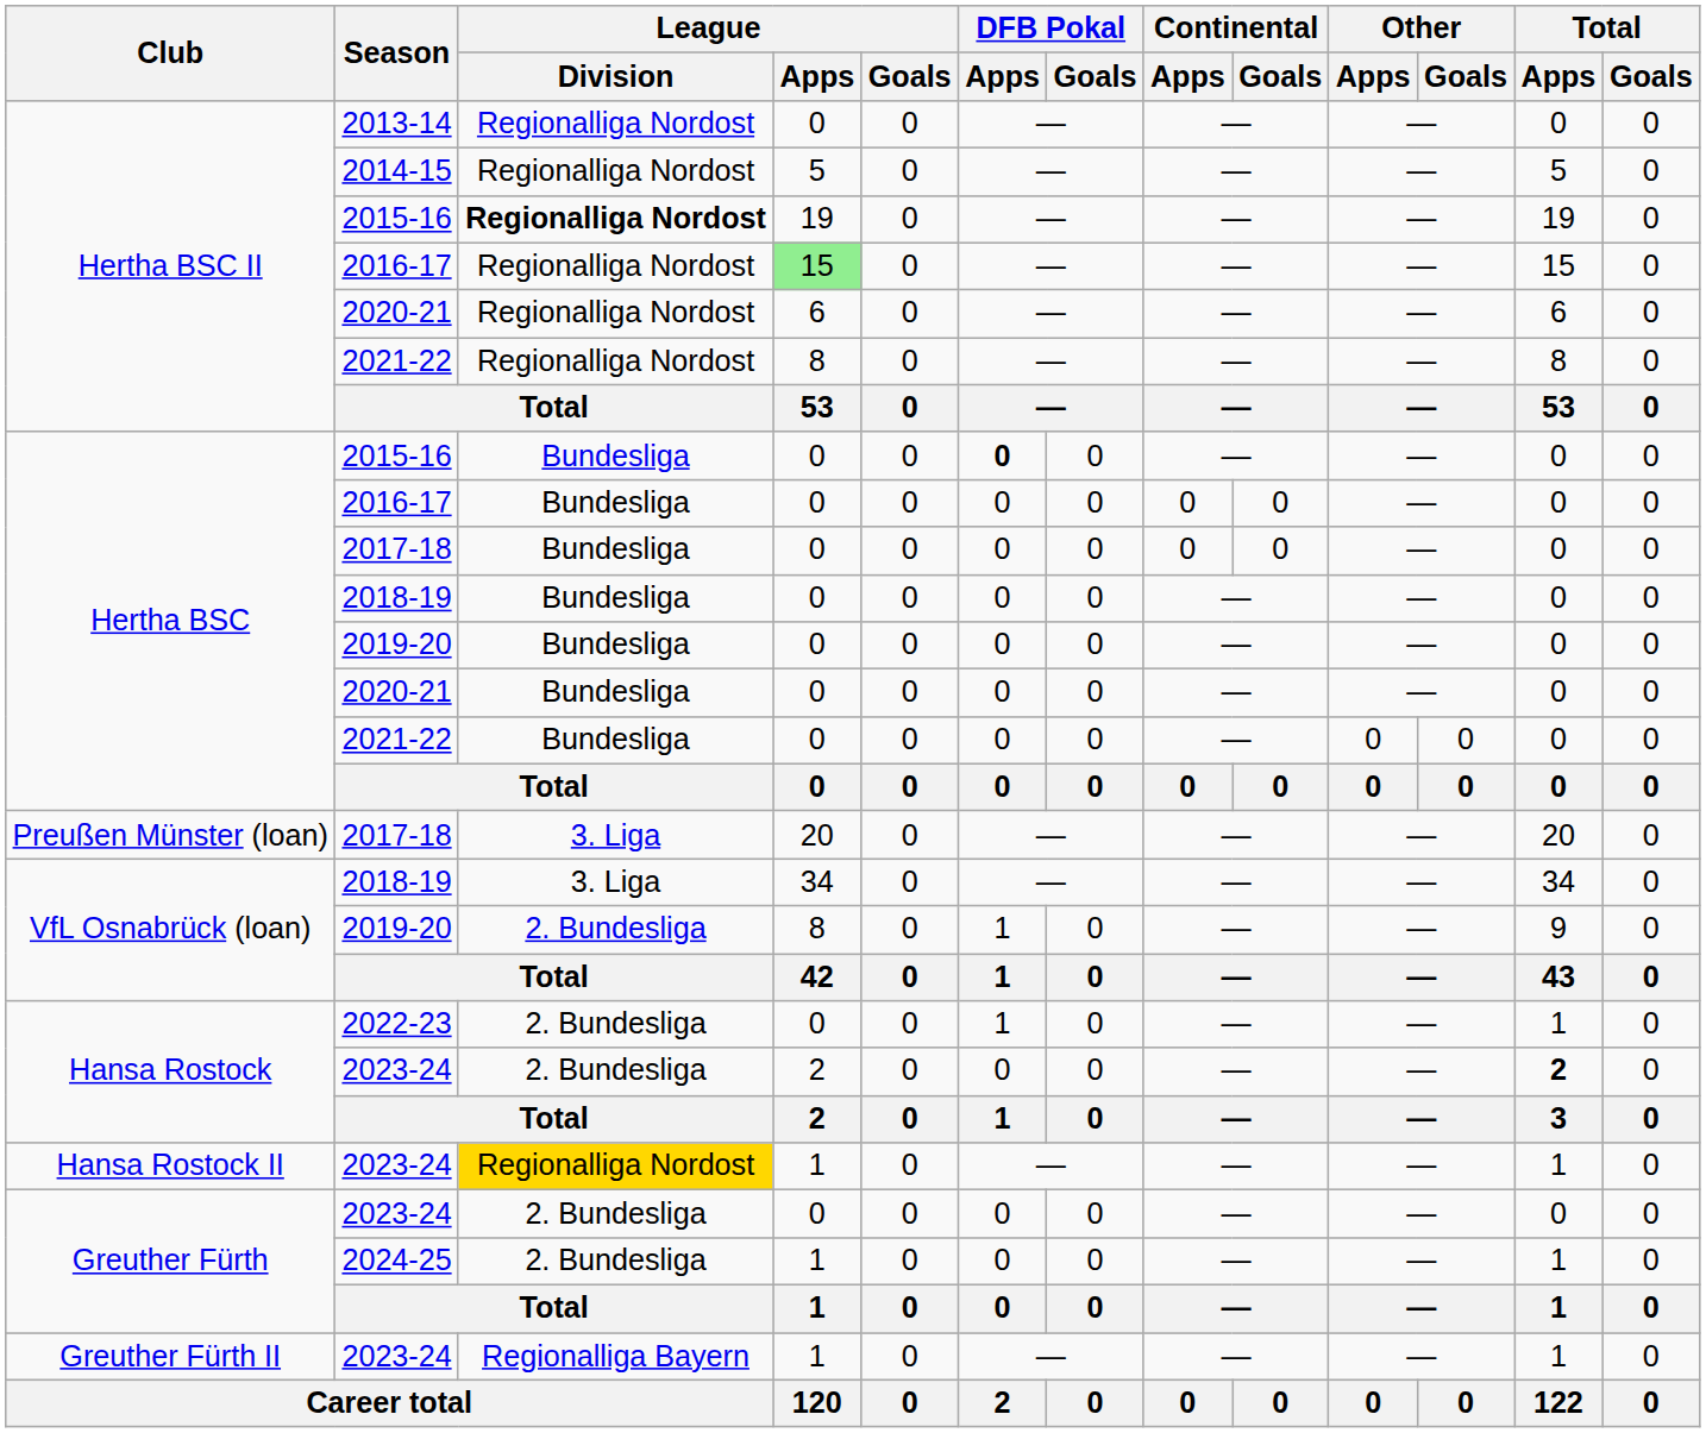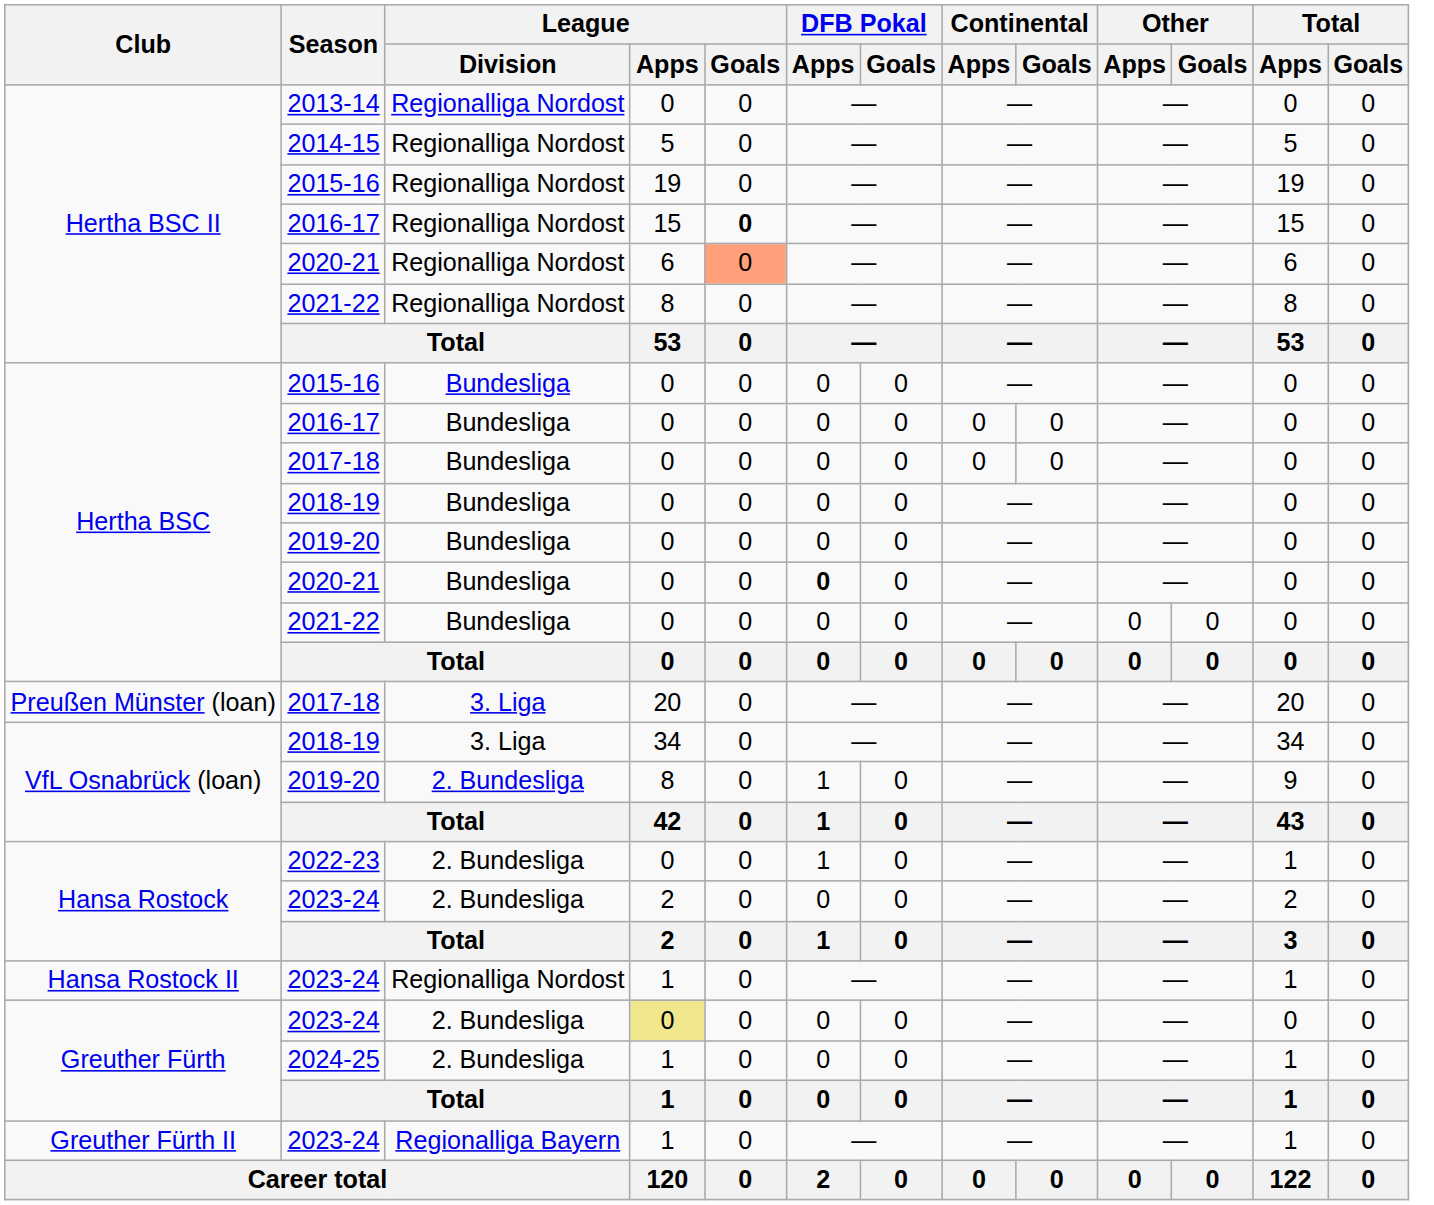 <table class="wikitable" style="text-align: center">
 <tr>
 <th rowspan="2">Club</th>
 <th rowspan="2">Season</th>
 <th colspan="3">League</th>
 <th colspan="2"><a href='#'>DFB Pokal</a></th>
 <th colspan="2">Continental</th>
 <th colspan="2">Other</th>
 <th colspan="2">Total</th>
 </tr>
 <tr>
 <th>Division</th>
 <th>Apps</th>
 <th>Goals</th>
 <th>Apps</th>
 <th>Goals</th>
 <th>Apps</th>
 <th>Goals</th>
 <th>Apps</th>
 <th>Goals</th>
 <th>Apps</th>
 <th>Goals</th>
 </tr>
 <tr>
 <td rowspan="7"><a href='#'>Hertha BSC II</a></td>
 <td><a href='#'>2013-14</a></td>
 <td><a href='#'>Regionalliga Nordost</a></td>
 <td>0</td>
 <td>0</td>
 <td colspan="2">—</td>
 <td colspan="2">—</td>
 <td colspan="2">—</td>
 <td>0</td>
 <td>0</td>
 </tr>
 <tr>
 <td><a href='#'>2014-15</a></td>
 <td>Regionalliga Nordost</td>
 <td>5</td>
 <td>0</td>
 <td colspan="2">—</td>
 <td colspan="2">—</td>
 <td colspan="2">—</td>
 <td>5</td>
 <td>0</td>
 </tr>
 <tr>
 <td><a href='#'>2015-16</a></td>
-<td><strong>Regionalliga Nordost</strong></td>
+<td>Regionalliga Nordost</td>
 <td>19</td>
 <td>0</td>
 <td colspan="2">—</td>
 <td colspan="2">—</td>
 <td colspan="2">—</td>
 <td>19</td>
 <td>0</td>
 </tr>
 <tr>
 <td><a href='#'>2016-17</a></td>
 <td>Regionalliga Nordost</td>
-<td style="background: lightgreen;">15</td>
-<td>0</td>
+<td>15</td>
+<td><strong>0</strong></td>
 <td colspan="2">—</td>
 <td colspan="2">—</td>
 <td colspan="2">—</td>
 <td>15</td>
 <td>0</td>
 </tr>
 <tr>
 <td><a href='#'>2020-21</a></td>
 <td>Regionalliga Nordost</td>
 <td>6</td>
-<td>0</td>
+<td style="background: lightsalmon;">0</td>
 <td colspan="2">—</td>
 <td colspan="2">—</td>
 <td colspan="2">—</td>
 <td>6</td>
 <td>0</td>
 </tr>
 <tr>
 <td><a href='#'>2021-22</a></td>
 <td>Regionalliga Nordost</td>
 <td>8</td>
 <td>0</td>
 <td colspan="2">—</td>
 <td colspan="2">—</td>
 <td colspan="2">—</td>
 <td>8</td>
 <td>0</td>
 </tr>
 <tr>
 <th colspan="2">Total</th>
 <th>53</th>
 <th>0</th>
 <th colspan="2">—</th>
 <th colspan="2">—</th>
 <th colspan="2">—</th>
 <th>53</th>
 <th>0</th>
 </tr>
 <tr>
 <td rowspan="8"><a href='#'>Hertha BSC</a></td>
 <td><a href='#'>2015-16</a></td>
 <td><a href='#'>Bundesliga</a></td>
 <td>0</td>
 <td>0</td>
-<td><strong>0</strong></td>
+<td>0</td>
 <td>0</td>
 <td colspan="2">—</td>
 <td colspan="2">—</td>
 <td>0</td>
 <td>0</td>
 </tr>
 <tr>
 <td><a href='#'>2016-17</a></td>
 <td>Bundesliga</td>
 <td>0</td>
 <td>0</td>
 <td>0</td>
 <td>0</td>
 <td>0</td>
 <td>0</td>
 <td colspan="2">—</td>
 <td>0</td>
 <td>0</td>
 </tr>
 <tr>
 <td><a href='#'>2017-18</a></td>
 <td>Bundesliga</td>
 <td>0</td>
 <td>0</td>
 <td>0</td>
 <td>0</td>
 <td>0</td>
 <td>0</td>
 <td colspan="2">—</td>
 <td>0</td>
 <td>0</td>
 </tr>
 <tr>
 <td><a href='#'>2018-19</a></td>
 <td>Bundesliga</td>
 <td>0</td>
 <td>0</td>
 <td>0</td>
 <td>0</td>
 <td colspan="2">—</td>
 <td colspan="2">—</td>
 <td>0</td>
 <td>0</td>
 </tr>
 <tr>
 <td><a href='#'>2019-20</a></td>
 <td>Bundesliga</td>
 <td>0</td>
 <td>0</td>
 <td>0</td>
 <td>0</td>
 <td colspan="2">—</td>
 <td colspan="2">—</td>
 <td>0</td>
 <td>0</td>
 </tr>
 <tr>
 <td><a href='#'>2020-21</a></td>
 <td>Bundesliga</td>
 <td>0</td>
 <td>0</td>
-<td>0</td>
+<td><strong>0</strong></td>
 <td>0</td>
 <td colspan="2">—</td>
 <td colspan="2">—</td>
 <td>0</td>
 <td>0</td>
 </tr>
 <tr>
 <td><a href='#'>2021-22</a></td>
 <td>Bundesliga</td>
 <td>0</td>
 <td>0</td>
 <td>0</td>
 <td>0</td>
 <td colspan="2">—</td>
 <td>0</td>
 <td>0</td>
 <td>0</td>
 <td>0</td>
 </tr>
 <tr>
 <th colspan="2">Total</th>
 <th>0</th>
 <th>0</th>
 <th>0</th>
 <th>0</th>
 <th>0</th>
 <th>0</th>
 <th>0</th>
 <th>0</th>
 <th>0</th>
 <th>0</th>
 </tr>
 <tr>
 <td><a href='#'>Preußen Münster</a> (loan)</td>
 <td><a href='#'>2017-18</a></td>
 <td><a href='#'>3. Liga</a></td>
 <td>20</td>
 <td>0</td>
 <td colspan="2">—</td>
 <td colspan="2">—</td>
 <td colspan="2">—</td>
 <td>20</td>
 <td>0</td>
 </tr>
 <tr>
 <td rowspan="3"><a href='#'>VfL Osnabrück</a> (loan)</td>
 <td><a href='#'>2018-19</a></td>
 <td>3. Liga</td>
 <td>34</td>
 <td>0</td>
 <td colspan="2">—</td>
 <td colspan="2">—</td>
 <td colspan="2">—</td>
 <td>34</td>
 <td>0</td>
 </tr>
 <tr>
 <td><a href='#'>2019-20</a></td>
 <td><a href='#'>2. Bundesliga</a></td>
 <td>8</td>
 <td>0</td>
 <td>1</td>
 <td>0</td>
 <td colspan="2">—</td>
 <td colspan="2">—</td>
 <td>9</td>
 <td>0</td>
 </tr>
 <tr>
 <th colspan="2">Total</th>
 <th>42</th>
 <th>0</th>
 <th>1</th>
 <th>0</th>
 <th colspan="2">—</th>
 <th colspan="2">—</th>
 <th>43</th>
 <th>0</th>
 </tr>
 <tr>
 <td rowspan="3"><a href='#'>Hansa Rostock</a></td>
 <td><a href='#'>2022-23</a></td>
 <td>2. Bundesliga</td>
 <td>0</td>
 <td>0</td>
 <td>1</td>
 <td>0</td>
 <td colspan="2">—</td>
 <td colspan="2">—</td>
 <td>1</td>
 <td>0</td>
 </tr>
 <tr>
 <td><a href='#'>2023-24</a></td>
 <td>2. Bundesliga</td>
 <td>2</td>
 <td>0</td>
 <td>0</td>
 <td>0</td>
 <td colspan="2">—</td>
 <td colspan="2">—</td>
-<td><strong>2</strong></td>
+<td>2</td>
 <td>0</td>
 </tr>
 <tr>
 <th colspan="2">Total</th>
 <th>2</th>
 <th>0</th>
 <th>1</th>
 <th>0</th>
 <th colspan="2">—</th>
 <th colspan="2">—</th>
 <th>3</th>
 <th>0</th>
 </tr>
 <tr>
 <td><a href='#'>Hansa Rostock II</a></td>
 <td><a href='#'>2023-24</a></td>
-<td style="background: gold;">Regionalliga Nordost</td>
+<td>Regionalliga Nordost</td>
 <td>1</td>
 <td>0</td>
 <td colspan="2">—</td>
 <td colspan="2">—</td>
 <td colspan="2">—</td>
 <td>1</td>
 <td>0</td>
 </tr>
 <tr>
 <td rowspan="3"><a href='#'>Greuther Fürth</a></td>
 <td><a href='#'>2023-24</a></td>
 <td>2. Bundesliga</td>
-<td>0</td>
+<td style="background: khaki;">0</td>
 <td>0</td>
 <td>0</td>
 <td>0</td>
 <td colspan="2">—</td>
 <td colspan="2">—</td>
 <td>0</td>
 <td>0</td>
 </tr>
 <tr>
 <td><a href='#'>2024-25</a></td>
 <td>2. Bundesliga</td>
 <td>1</td>
 <td>0</td>
 <td>0</td>
 <td>0</td>
 <td colspan="2">—</td>
 <td colspan="2">—</td>
 <td>1</td>
 <td>0</td>
 </tr>
 <tr>
 <th colspan="2">Total</th>
 <th>1</th>
 <th>0</th>
 <th>0</th>
 <th>0</th>
 <th colspan="2">—</th>
 <th colspan="2">—</th>
 <th>1</th>
 <th>0</th>
 </tr>
 <tr>
 <td><a href='#'>Greuther Fürth II</a></td>
 <td><a href='#'>2023-24</a></td>
 <td><a href='#'>Regionalliga Bayern</a></td>
 <td>1</td>
 <td>0</td>
 <td colspan="2">—</td>
 <td colspan="2">—</td>
 <td colspan="2">—</td>
 <td>1</td>
 <td>0</td>
 </tr>
 <tr>
 <th colspan="3">Career total</th>
 <th>120</th>
 <th>0</th>
 <th>2</th>
 <th>0</th>
 <th>0</th>
 <th>0</th>
 <th>0</th>
 <th>0</th>
 <th>122</th>
 <th>0</th>
 </tr>
 </table>
